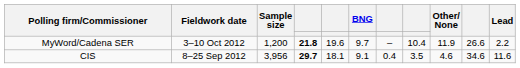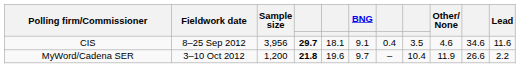 <table class="wikitable collapsible collapsed" style="text-align:center; font-size:90%; line-height:14px;">
 <tr style="height:42px;">
 <th style="width:250px;" rowspan="2">Polling firm/Commissioner</th>
 <th style="width:125px;" rowspan="2">Fieldwork date</th>
 <th style="width:50px;" rowspan="2">Sample size</th>
 <th style="width:35px;"></th>
 <th style="width:35px;"></th>
 <th style="width:35px;"><a href='#'>BNG</a></th>
 <th style="width:35px;"></th>
 <th style="width:35px;"></th>
 <th style="width:35px;" rowspan="2">Other/<br>None</th>
 <th style="width:35px;" rowspan="2"></th>
 <th style="width:30px;" rowspan="2">Lead</th>
 </tr>
 <tr>
 <th style="color:inherit;background:"></th>
 <th style="color:inherit;background:"></th>
 <th style="color:inherit;background:"></th>
 <th style="color:inherit;background:"></th>
 <th style="color:inherit;background:"></th>
 </tr>
 <tr>
+<td>CIS</td>
+<td>8–25 Sep 2012</td>
+<td>3,956</td>
+<td><strong>29.7</strong></td>
+<td>18.1</td>
+<td>9.1</td>
+<td>0.4</td>
+<td>3.5</td>
+<td>4.6</td>
+<td>34.6</td>
+<td style="background:">11.6</td>
+</tr>
+<tr>
 <td>MyWord/Cadena SER</td>
 <td>3–10 Oct 2012</td>
 <td>1,200</td>
 <td><strong>21.8</strong></td>
 <td>19.6</td>
 <td>9.7</td>
 <td>–</td>
 <td>10.4</td>
 <td>11.9</td>
 <td>26.6</td>
 <td style="background:">2.2</td>
 </tr>
-<tr>
-<td>CIS</td>
-<td>8–25 Sep 2012</td>
-<td>3,956</td>
-<td><strong>29.7</strong></td>
-<td>18.1</td>
-<td>9.1</td>
-<td>0.4</td>
-<td>3.5</td>
-<td>4.6</td>
-<td>34.6</td>
-<td style="background:">11.6</td>
-</tr>
 </table>
